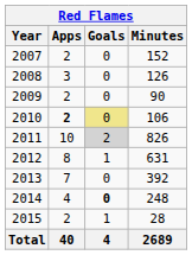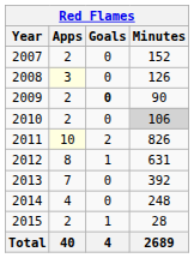 <table class=wikitable style="text-align:center">
 <tr>
 <th colspan="4"><a href='#'>Red Flames</a></th>
 </tr>
 <tr>
 <th>Year</th>
 <th>Apps</th>
 <th>Goals</th>
 <th>Minutes</th>
 </tr>
 <tr>
 <td>2007</td>
 <td>2</td>
 <td>0</td>
 <td>152</td>
 </tr>
 <tr>
 <td>2008</td>
-<td>3</td>
+<td style="background: lightyellow;">3</td>
 <td>0</td>
 <td>126</td>
 </tr>
 <tr>
 <td>2009</td>
 <td>2</td>
-<td>0</td>
+<td><strong>0</strong></td>
 <td>90</td>
 </tr>
 <tr>
 <td>2010</td>
-<td><strong>2</strong></td>
-<td style="background: khaki;">0</td>
-<td>106</td>
+<td>2</td>
+<td>0</td>
+<td style="background: lightgrey;">106</td>
 </tr>
 <tr>
 <td>2011</td>
-<td>10</td>
-<td style="background: lightgrey;">2</td>
+<td style="background: lightyellow;">10</td>
+<td>2</td>
 <td>826</td>
 </tr>
 <tr>
 <td>2012</td>
 <td>8</td>
 <td>1</td>
 <td>631</td>
 </tr>
 <tr>
 <td>2013</td>
 <td>7</td>
 <td>0</td>
 <td>392</td>
 </tr>
 <tr>
 <td>2014</td>
 <td>4</td>
-<td><strong>0</strong></td>
+<td>0</td>
 <td>248</td>
 </tr>
 <tr>
 <td>2015</td>
 <td>2</td>
 <td>1</td>
 <td>28</td>
 </tr>
 <tr>
 <th>Total</th>
 <th>40</th>
 <th>4</th>
 <th>2689</th>
 </tr>
 </table>
